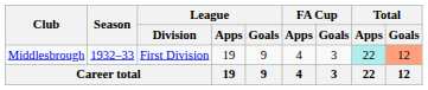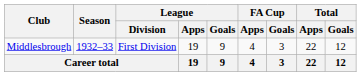 <table class="wikitable" style="text-align: center">
 <tr>
 <th rowspan="2">Club</th>
 <th rowspan="2">Season</th>
 <th colspan="3">League</th>
 <th colspan="2">FA Cup</th>
 <th colspan="2">Total</th>
 </tr>
 <tr>
 <th>Division</th>
 <th>Apps</th>
 <th>Goals</th>
 <th>Apps</th>
 <th>Goals</th>
 <th>Apps</th>
 <th>Goals</th>
 </tr>
 <tr>
 <td><a href='#'>Middlesbrough</a></td>
 <td><a href='#'>1932–33</a></td>
 <td><a href='#'>First Division</a></td>
 <td>19</td>
 <td>9</td>
 <td>4</td>
 <td>3</td>
-<td style="background: paleturquoise;">22</td>
-<td style="background: lightsalmon;">12</td>
+<td>22</td>
+<td>12</td>
 </tr>
 <tr>
 <th colspan="3">Career total</th>
 <th>19</th>
 <th>9</th>
 <th>4</th>
 <th>3</th>
 <th>22</th>
 <th>12</th>
 </tr>
 </table>
